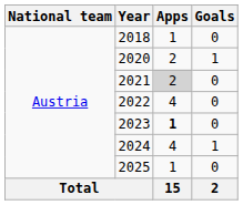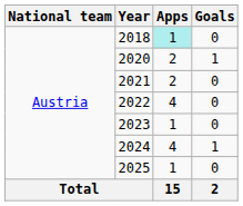 <table class="wikitable" style="text-align:center">
 <tr>
 <th>National team</th>
 <th>Year</th>
 <th>Apps</th>
 <th>Goals</th>
 </tr>
 <tr>
 <td rowspan="7"><a href='#'>Austria</a></td>
 <td>2018</td>
-<td>1</td>
+<td style="background: paleturquoise;">1</td>
 <td>0</td>
 </tr>
 <tr>
 <td>2020</td>
 <td>2</td>
 <td>1</td>
 </tr>
 <tr>
 <td>2021</td>
-<td style="background: lightgrey;">2</td>
+<td>2</td>
 <td>0</td>
 </tr>
 <tr>
 <td>2022</td>
 <td>4</td>
 <td>0</td>
 </tr>
 <tr>
 <td>2023</td>
-<td><strong>1</strong></td>
+<td>1</td>
 <td>0</td>
 </tr>
 <tr>
 <td>2024</td>
 <td>4</td>
 <td>1</td>
 </tr>
 <tr>
 <td>2025</td>
 <td>1</td>
 <td>0</td>
 </tr>
 <tr>
 <th colspan="2">Total</th>
 <th>15</th>
 <th>2</th>
 </tr>
 </table>
